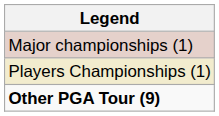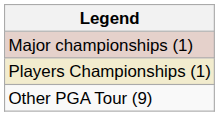 <table class="wikitable" style="font-size:95%;">
 <tr>
 <th>Legend</th>
 </tr>
 <tr style="background:#e5d1cb;">
 <td>Major championships (1)</td>
 </tr>
 <tr style="background:#f2ecce;">
 <td>Players Championships (1)</td>
 </tr>
 <tr>
-<td><strong>Other PGA Tour (9)</strong></td>
+<td>Other PGA Tour (9)</td>
 </tr>
 </table>
